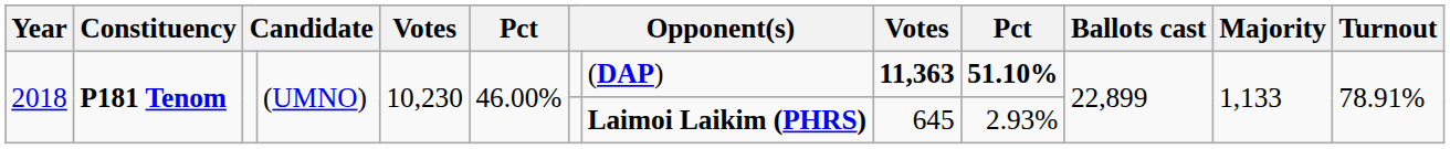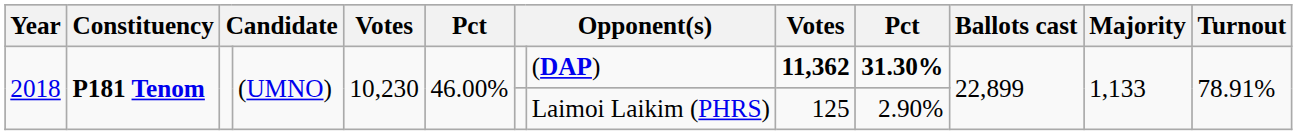 <table class="wikitable" style="margin:0.5em ; font-size:95%">
 <tr>
 <th>Year</th>
 <th>Constituency</th>
 <th colspan=2>Candidate</th>
 <th>Votes</th>
 <th>Pct</th>
 <th colspan=2>Opponent(s)</th>
 <th>Votes</th>
 <th>Pct</th>
 <th>Ballots cast</th>
 <th>Majority</th>
 <th>Turnout</th>
 </tr>
 <tr>
 <td rowspan=2><a href='#'>2018</a></td>
 <td rowspan=2><strong>P181 <a href='#'>Tenom</a></strong></td>
 <td rowspan=2 ></td>
 <td rowspan=2> (<a href='#'>UMNO</a>)</td>
 <td rowspan=2 align="right">10,230</td>
 <td rowspan=2>46.00%</td>
 <td></td>
 <td> (<a href='#'><strong>DAP</strong></a>)</td>
-<td align="right"><strong>11,363</strong></td>
-<td><strong>51.10%</strong></td>
+<td align="right"><strong>11,362</strong></td>
+<td><strong>31.30%</strong></td>
 <td rowspan=2>22,899</td>
 <td rowspan=2>1,133</td>
 <td rowspan=2>78.91%</td>
 </tr>
 <tr>
 <td></td>
-<td><strong>Laimoi Laikim (<a href='#'>PHRS</a>)</strong></td>
-<td align="right">645</td>
-<td align="right">2.93%</td>
+<td>Laimoi Laikim (<a href='#'>PHRS</a>)</td>
+<td align="right">125</td>
+<td align="right">2.90%</td>
 </tr>
 </table>
